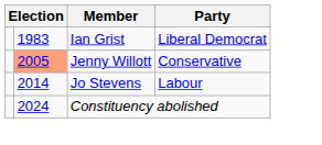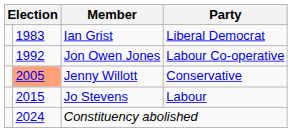 <table class="wikitable">
 <tr>
 <th colspan="2">Election</th>
 <th>Member</th>
 <th>Party</th>
 </tr>
 <tr>
 <td style="color:inherit;background-color: "></td>
 <td><a href='#'>1983</a></td>
 <td><a href='#'>Ian Grist</a></td>
 <td><a href='#'>Liberal Democrat</a></td>
 </tr>
 <tr>
 <td style="color:inherit;background-color: "></td>
+<td><a href='#'>1992</a></td>
+<td><a href='#'>Jon Owen Jones</a></td>
+<td><a href='#'>Labour Co-operative</a></td>
+</tr>
+<tr>
+<td style="color:inherit;background-color: "></td>
 <td style="background: lightsalmon;"><a href='#'>2005</a></td>
 <td><a href='#'>Jenny Willott</a></td>
 <td><a href='#'>Conservative</a></td>
 </tr>
 <tr>
 <td style="color:inherit;background-color: "></td>
-<td><a href='#'>2014</a></td>
+<td><a href='#'>2015</a></td>
 <td><a href='#'>Jo Stevens</a></td>
 <td><a href='#'>Labour</a></td>
 </tr>
 <tr>
 <td></td>
 <td><a href='#'>2024</a></td>
 <td colspan="2"><em>Constituency abolished</em></td>
 </tr>
 </table>
